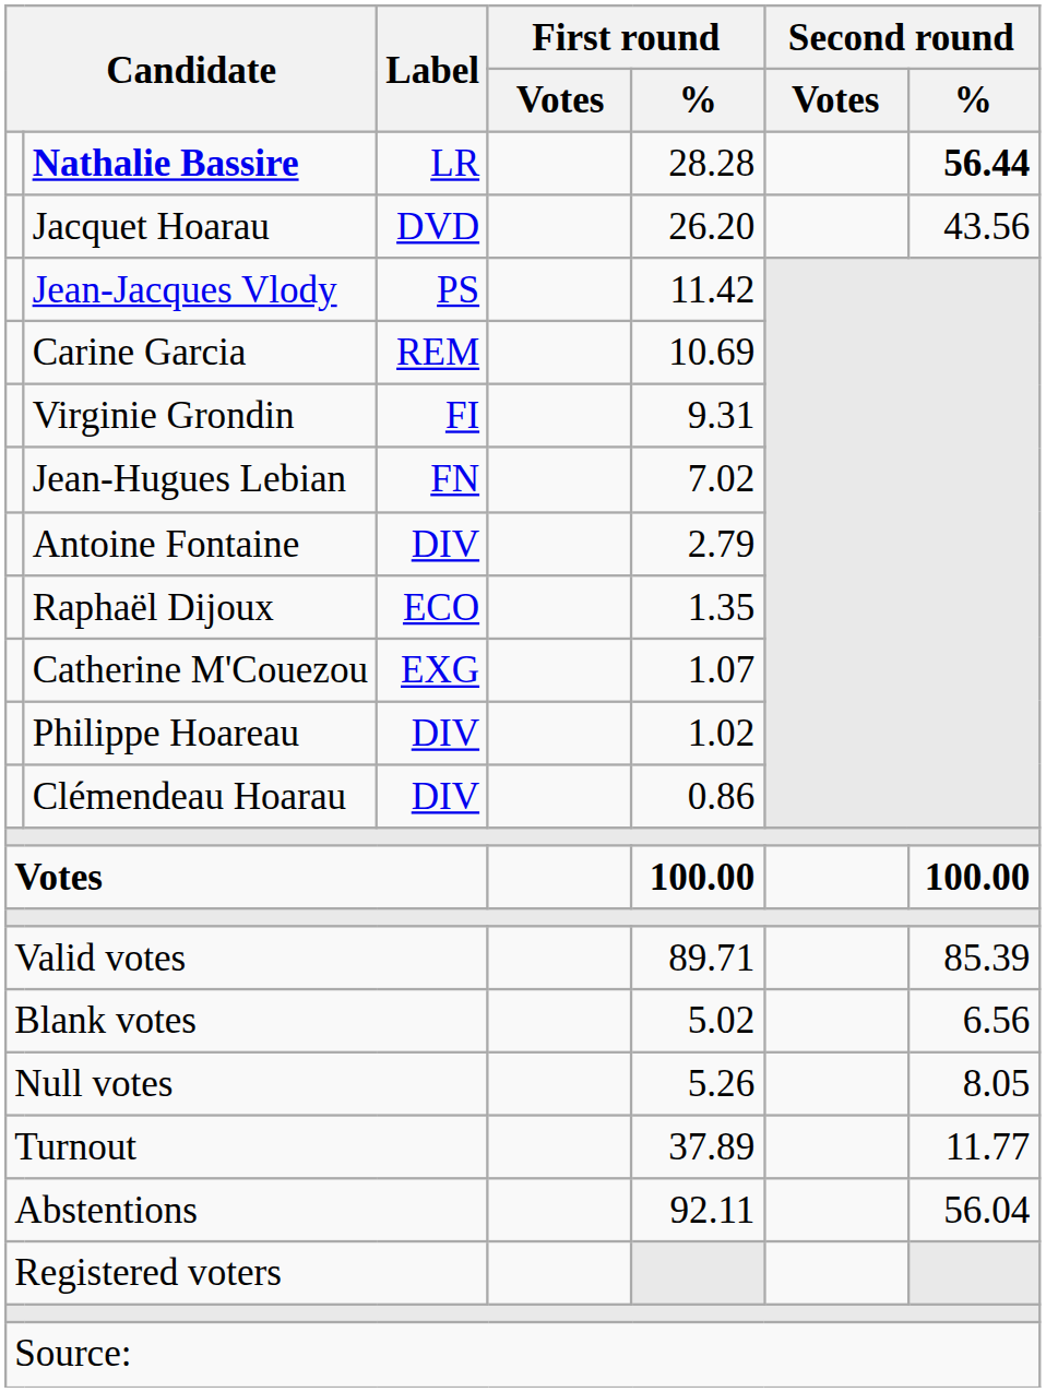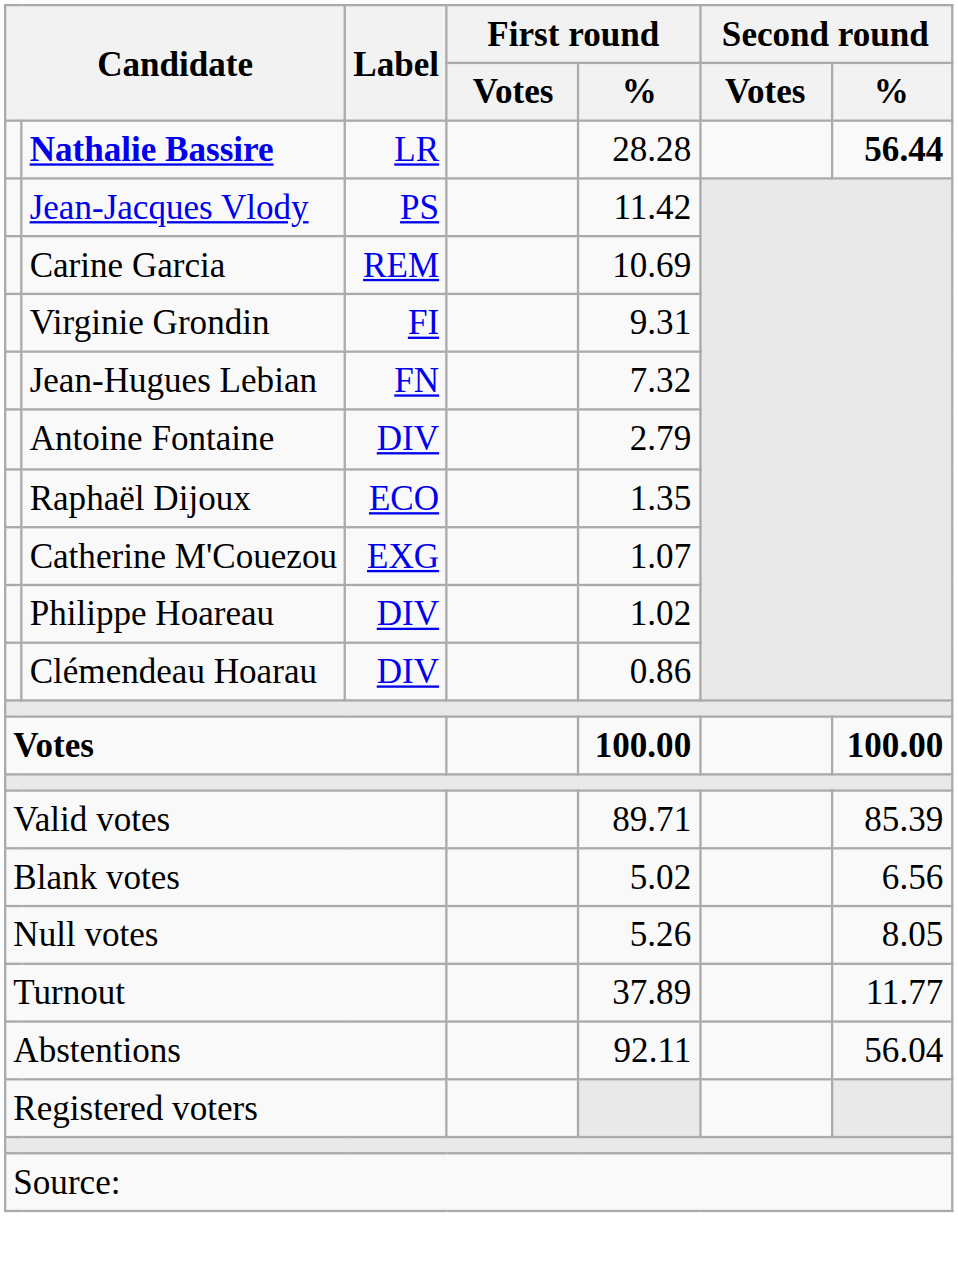 <table class="wikitable" style="text-align:right;font-size:95%;">
 <tr>
 <th colspan="2" rowspan="2">Candidate</th>
 <th rowspan="2">Label</th>
 <th colspan="2">First round</th>
 <th colspan="2">Second round</th>
 </tr>
 <tr>
 <th style="width:50px;">Votes</th>
 <th style="width:45px;">%</th>
 <th style="width:50px;">Votes</th>
 <th style="width:45px;">%</th>
 </tr>
 <tr>
 <td style="color:inherit;background:"></td>
 <td style="text-align:left;"><strong><a href='#'>Nathalie Bassire</a></strong></td>
 <td><a href='#'>LR</a></td>
 <td></td>
 <td>28.28</td>
 <td><strong></strong></td>
 <td><strong>56.44</strong></td>
-</tr>
-<tr>
-<td style="color:inherit;background:"></td>
-<td style="text-align:left;">Jacquet Hoarau</td>
-<td><a href='#'>DVD</a></td>
-<td></td>
-<td>26.20</td>
-<td></td>
-<td>43.56</td>
 </tr>
 <tr>
 <td style="color:inherit;background:"></td>
 <td style="text-align:left;"><a href='#'>Jean-Jacques Vlody</a></td>
 <td><a href='#'>PS</a></td>
 <td></td>
 <td>11.42</td>
 <td colspan="2" rowspan="9" style="background:#E9E9E9;"></td>
 </tr>
 <tr>
 <td style="color:inherit;background:"></td>
 <td style="text-align:left;">Carine Garcia</td>
 <td><a href='#'>REM</a></td>
 <td></td>
 <td>10.69</td>
 </tr>
 <tr>
 <td style="color:inherit;background:"></td>
 <td style="text-align:left;">Virginie Grondin</td>
 <td><a href='#'>FI</a></td>
 <td></td>
 <td>9.31</td>
 </tr>
 <tr>
 <td style="color:inherit;background:"></td>
 <td style="text-align:left;">Jean-Hugues Lebian</td>
 <td><a href='#'>FN</a></td>
 <td></td>
-<td>7.02</td>
+<td>7.32</td>
 </tr>
 <tr>
 <td style="color:inherit;background:"></td>
 <td style="text-align:left;">Antoine Fontaine</td>
 <td><a href='#'>DIV</a></td>
 <td></td>
 <td>2.79</td>
 </tr>
 <tr>
 <td style="color:inherit;background:"></td>
 <td style="text-align:left;">Raphaël Dijoux</td>
 <td><a href='#'>ECO</a></td>
 <td></td>
 <td>1.35</td>
 </tr>
 <tr>
 <td style="color:inherit;background:"></td>
 <td style="text-align:left;">Catherine M'Couezou</td>
 <td><a href='#'>EXG</a></td>
 <td></td>
 <td>1.07</td>
 </tr>
 <tr>
 <td style="color:inherit;background:"></td>
 <td style="text-align:left;">Philippe Hoareau</td>
 <td><a href='#'>DIV</a></td>
 <td></td>
 <td>1.02</td>
 </tr>
 <tr>
 <td style="color:inherit;background:"></td>
 <td style="text-align:left;">Clémendeau Hoarau</td>
 <td><a href='#'>DIV</a></td>
 <td></td>
 <td>0.86</td>
 </tr>
 <tr>
 <td colspan="7" style="background:#E9E9E9;"></td>
 </tr>
 <tr style="font-weight:bold;">
 <td colspan="3" style="text-align:left;">Votes</td>
 <td></td>
 <td>100.00</td>
 <td></td>
 <td>100.00</td>
 </tr>
 <tr>
 <td colspan="7" style="background:#E9E9E9;"></td>
 </tr>
 <tr>
 <td colspan="3" style="text-align:left;">Valid votes</td>
 <td></td>
 <td>89.71</td>
 <td></td>
 <td>85.39</td>
 </tr>
 <tr>
 <td colspan="3" style="text-align:left;">Blank votes</td>
 <td></td>
 <td>5.02</td>
 <td></td>
 <td>6.56</td>
 </tr>
 <tr>
 <td colspan="3" style="text-align:left;">Null votes</td>
 <td></td>
 <td>5.26</td>
 <td></td>
 <td>8.05</td>
 </tr>
 <tr>
 <td colspan="3" style="text-align:left;">Turnout</td>
 <td></td>
 <td>37.89</td>
 <td></td>
 <td>11.77</td>
 </tr>
 <tr>
 <td colspan="3" style="text-align:left;">Abstentions</td>
 <td></td>
 <td>92.11</td>
 <td></td>
 <td>56.04</td>
 </tr>
 <tr>
 <td colspan="3" style="text-align:left;">Registered voters</td>
 <td></td>
 <td style="background:#E9E9E9;"></td>
 <td></td>
 <td style="background:#E9E9E9;"></td>
 </tr>
 <tr>
 <td colspan="7" style="background:#E9E9E9;"></td>
 </tr>
 <tr>
 <td colspan="7" style="text-align:left;">Source: </td>
 </tr>
 </table>
